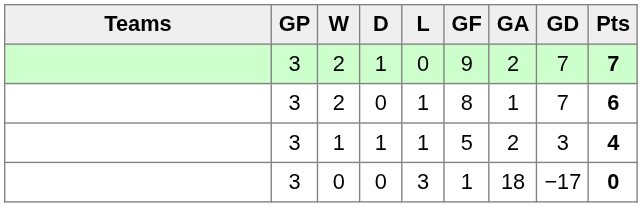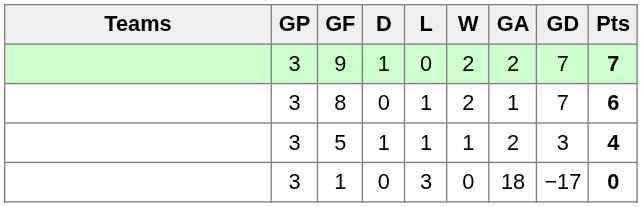 <table style=border-collapse:collapse border=1 cellspacing=0 cellpadding=5>
 <tr align=center bgcolor=#efefef>
 <th width=185>Teams</th>
 <th width=20>GP</th>
-<th width=20>W</th>
+<th width=20>GF</th>
 <th width=20>D</th>
 <th width=20>L</th>
-<th width=20>GF</th>
+<th width=20>W</th>
 <th width=20>GA</th>
 <th width=20>GD</th>
 <th width=20>Pts</th>
 </tr>
 <tr align=center style="background:#ccffcc;">
 <td style="text-align:left;"></td>
 <td>3</td>
-<td>2</td>
+<td>9</td>
 <td>1</td>
 <td>0</td>
-<td>9</td>
+<td>2</td>
 <td>2</td>
 <td>7</td>
 <td><strong>7</strong></td>
 </tr>
 <tr align=center>
 <td style="text-align:left;"></td>
 <td>3</td>
-<td>2</td>
+<td>8</td>
 <td>0</td>
 <td>1</td>
-<td>8</td>
+<td>2</td>
 <td>1</td>
 <td>7</td>
 <td><strong>6</strong></td>
 </tr>
 <tr align=center>
 <td style="text-align:left;"></td>
 <td>3</td>
+<td>5</td>
 <td>1</td>
 <td>1</td>
 <td>1</td>
-<td>5</td>
 <td>2</td>
 <td>3</td>
 <td><strong>4</strong></td>
 </tr>
 <tr align=center>
 <td style="text-align:left;"></td>
 <td>3</td>
-<td>0</td>
+<td>1</td>
 <td>0</td>
 <td>3</td>
-<td>1</td>
+<td>0</td>
 <td>18</td>
 <td>−17</td>
 <td><strong>0</strong></td>
 </tr>
 </table>
